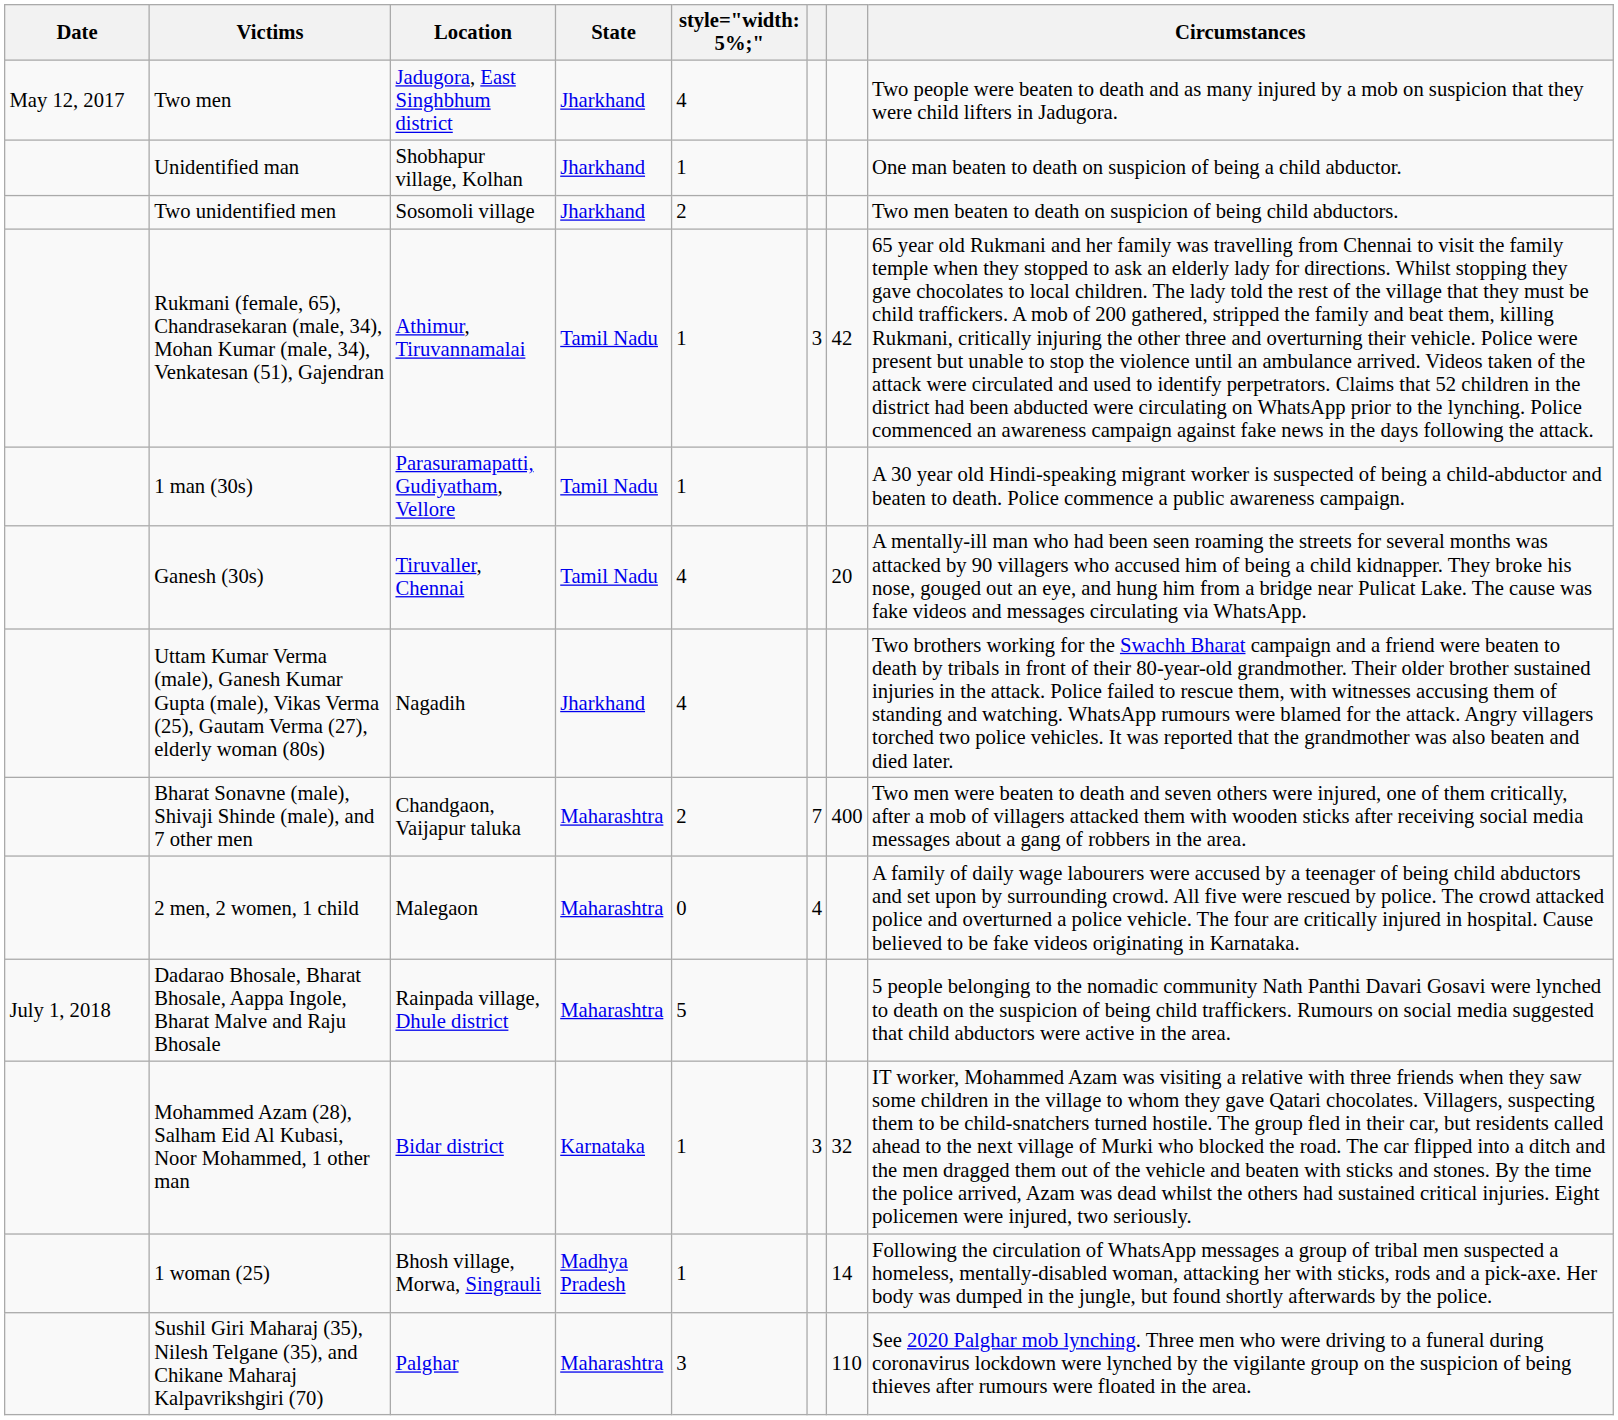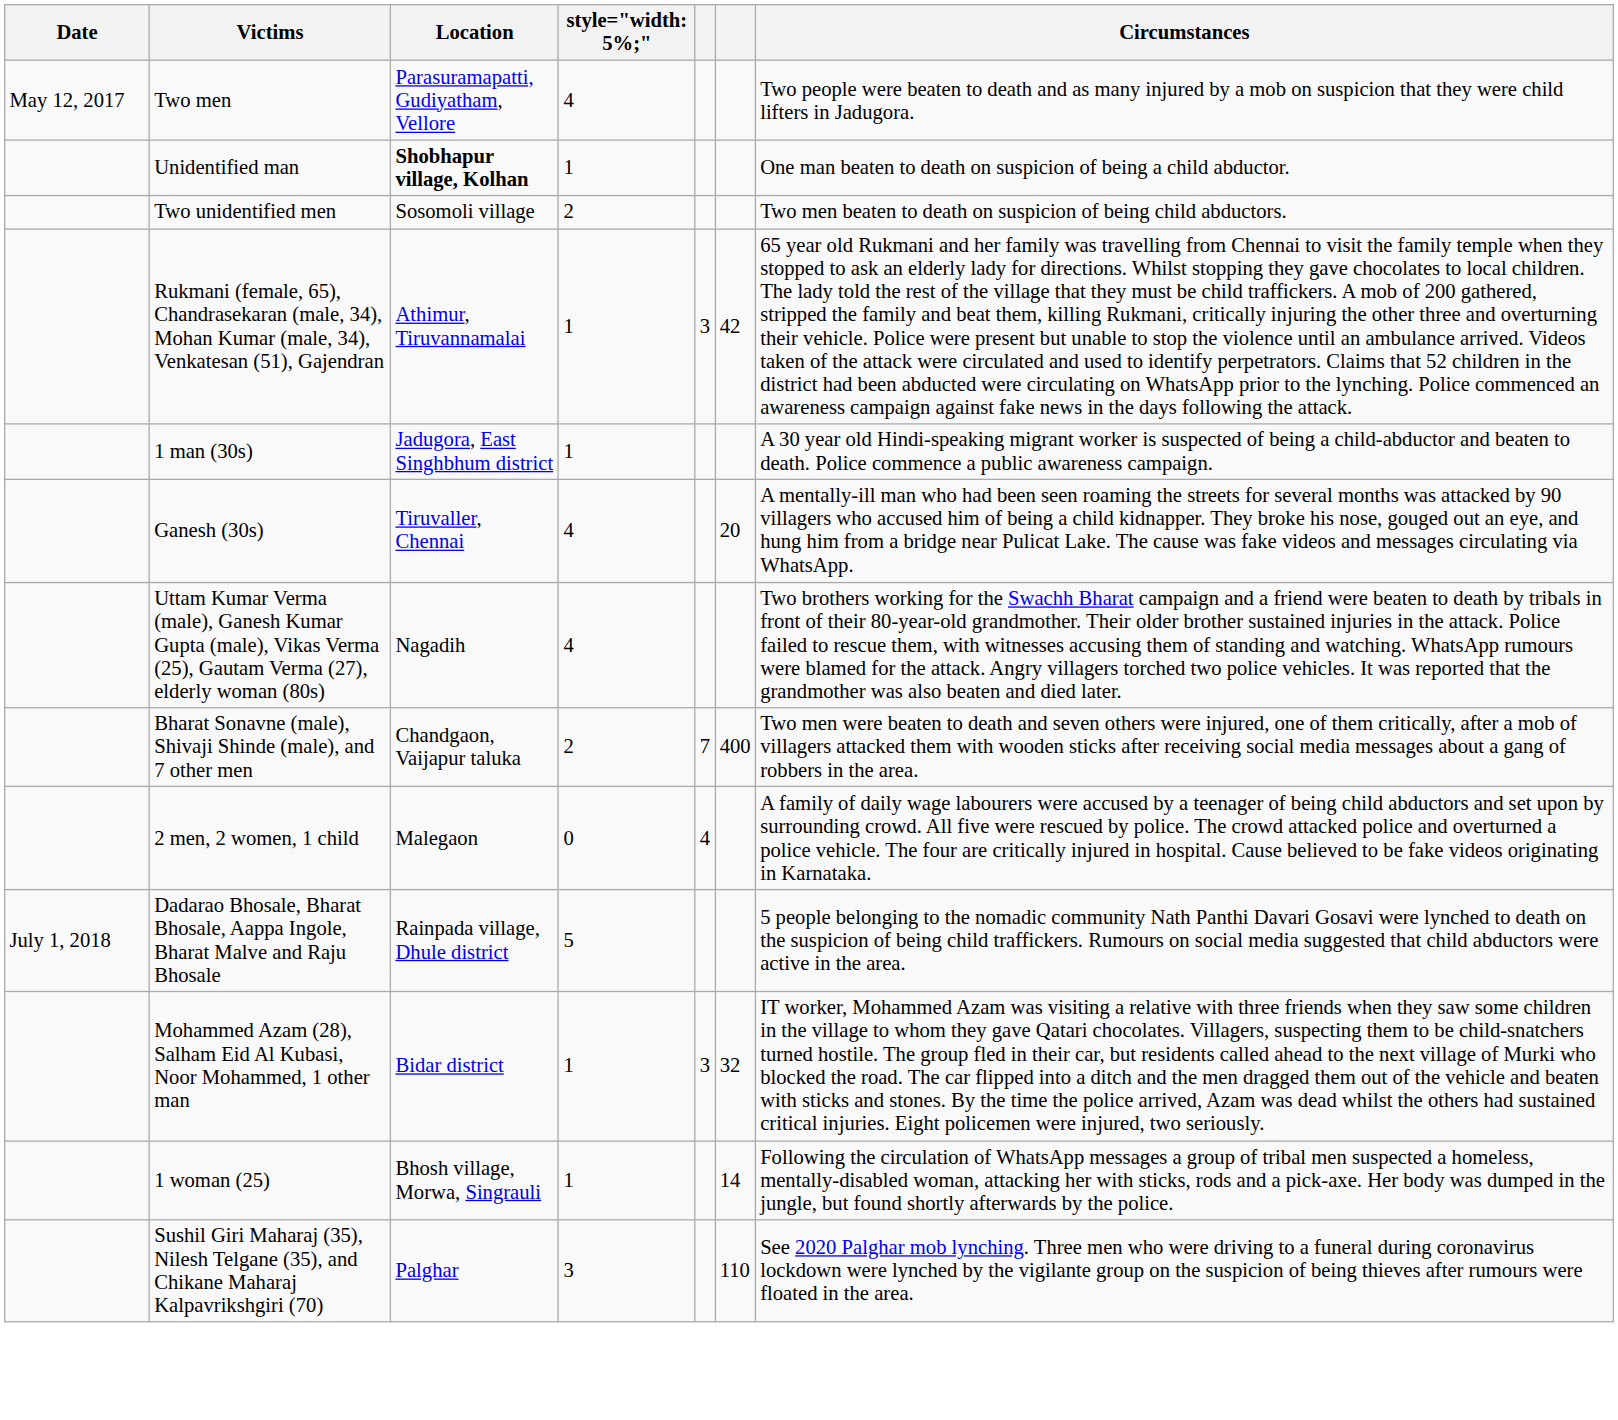 <table class="wikitable sortable">
 <tr>
 <th style="width: 9%;">Date</th>
 <th style="width: 15%;">Victims</th>
 <th>Location</th>
-<th>State</th>
 <th>style="width: 5%;" </th>
 <th></th>
 <th></th>
 <th>Circumstances</th>
 </tr>
 <tr>
 <td>May 12, 2017</td>
 <td>Two men</td>
-<td><a href='#'>Jadugora</a>, <a href='#'>East Singhbhum district</a></td>
-<td><a href='#'>Jharkhand</a></td>
+<td><a href='#'>Parasuramapatti, Gudiyatham</a>, <a href='#'>Vellore</a></td>
 <td>4</td>
 <td></td>
 <td></td>
 <td>Two people were beaten to death and as many injured by a mob on suspicion that they were child lifters in Jadugora.</td>
 </tr>
 <tr>
 <td></td>
 <td>Unidentified man</td>
-<td>Shobhapur village, Kolhan</td>
-<td><a href='#'>Jharkhand</a></td>
+<td><strong>Shobhapur village, Kolhan</strong></td>
 <td>1</td>
 <td></td>
 <td></td>
 <td>One man beaten to death on suspicion of being a child abductor.</td>
 </tr>
 <tr>
 <td></td>
 <td>Two unidentified men</td>
 <td>Sosomoli village</td>
-<td><a href='#'>Jharkhand</a></td>
 <td>2</td>
 <td></td>
 <td></td>
 <td>Two men beaten to death on suspicion of being child abductors.</td>
 </tr>
 <tr>
 <td></td>
 <td>Rukmani (female, 65), Chandrasekaran (male, 34), Mohan Kumar (male, 34), Venkatesan (51), Gajendran</td>
 <td><a href='#'>Athimur</a>, <a href='#'>Tiruvannamalai</a></td>
-<td><a href='#'>Tamil Nadu</a></td>
 <td>1</td>
 <td>3</td>
 <td>42</td>
 <td>65 year old Rukmani and her family was travelling from Chennai to visit the family temple when they stopped to ask an elderly lady for directions. Whilst stopping they gave chocolates to local children. The lady told the rest of the village that they must be child traffickers. A mob of 200 gathered, stripped the family and beat them, killing Rukmani, critically injuring the other three and overturning their vehicle. Police were present but unable to stop the violence until an ambulance arrived. Videos taken of the attack were circulated and used to identify perpetrators. Claims that 52 children in the district had been abducted were circulating on WhatsApp prior to the lynching. Police commenced an awareness campaign against fake news in the days following the attack.</td>
 </tr>
 <tr>
 <td></td>
 <td>1 man (30s)</td>
-<td><a href='#'>Parasuramapatti, Gudiyatham</a>, <a href='#'>Vellore</a></td>
-<td><a href='#'>Tamil Nadu</a></td>
+<td><a href='#'>Jadugora</a>, <a href='#'>East Singhbhum district</a></td>
 <td>1</td>
 <td></td>
 <td></td>
 <td>A 30 year old Hindi-speaking migrant worker is suspected of being a child-abductor and beaten to death. Police commence a public awareness campaign.</td>
 </tr>
 <tr>
 <td></td>
 <td>Ganesh (30s)</td>
 <td><a href='#'>Tiruvaller</a>, <a href='#'>Chennai</a></td>
-<td><a href='#'>Tamil Nadu</a></td>
 <td>4</td>
 <td></td>
 <td>20</td>
 <td>A mentally-ill man who had been seen roaming the streets for several months was attacked by 90 villagers who accused him of being a child kidnapper. They broke his nose, gouged out an eye, and hung him from a bridge near Pulicat Lake. The cause was fake videos and messages circulating via WhatsApp.</td>
 </tr>
 <tr>
 <td></td>
 <td>Uttam Kumar Verma (male), Ganesh Kumar Gupta (male), Vikas Verma (25), Gautam Verma (27), elderly woman (80s)</td>
 <td>Nagadih</td>
-<td><a href='#'>Jharkhand</a></td>
 <td>4</td>
 <td></td>
 <td></td>
 <td>Two brothers working for the <a href='#'>Swachh Bharat</a> campaign and a friend were beaten to death by tribals in front of their 80-year-old grandmother. Their older brother sustained injuries in the attack. Police failed to rescue them, with witnesses accusing them of standing and watching. WhatsApp rumours were blamed for the attack. Angry villagers torched two police vehicles. It was reported that the grandmother was also beaten and died later.</td>
 </tr>
 <tr>
 <td></td>
 <td>Bharat Sonavne (male), Shivaji Shinde (male), and 7 other men</td>
 <td>Chandgaon, Vaijapur taluka</td>
-<td><a href='#'>Maharashtra</a></td>
 <td>2</td>
 <td>7</td>
 <td>400</td>
 <td>Two men were beaten to death and seven others were injured, one of them critically, after a mob of villagers attacked them with wooden sticks after receiving social media messages about a gang of robbers in the area.</td>
 </tr>
 <tr>
 <td></td>
 <td>2 men, 2 women, 1 child</td>
 <td>Malegaon</td>
-<td><a href='#'>Maharashtra</a></td>
 <td>0</td>
 <td>4</td>
 <td></td>
 <td>A family of daily wage labourers were accused by a teenager of being child abductors and set upon by surrounding crowd. All five were rescued by police. The crowd attacked police and overturned a police vehicle. The four are critically injured in hospital. Cause believed to be fake videos originating in Karnataka.</td>
 </tr>
 <tr>
 <td>July 1, 2018</td>
 <td>Dadarao Bhosale, Bharat Bhosale, Aappa Ingole, Bharat Malve and Raju Bhosale</td>
 <td>Rainpada village, <a href='#'>Dhule district</a></td>
-<td><a href='#'>Maharashtra</a></td>
 <td>5</td>
 <td></td>
 <td></td>
 <td>5 people belonging to the nomadic community Nath Panthi Davari Gosavi were lynched to death on the suspicion of being child traffickers. Rumours on social media suggested that child abductors were active in the area.</td>
 </tr>
 <tr>
 <td></td>
 <td>Mohammed Azam (28), Salham Eid Al Kubasi, Noor Mohammed, 1 other man</td>
 <td><a href='#'>Bidar district</a></td>
-<td><a href='#'>Karnataka</a></td>
 <td>1</td>
 <td>3</td>
 <td>32<br></td>
 <td>IT worker, Mohammed Azam was visiting a relative with three friends when they saw some children in the village to whom they gave Qatari chocolates. Villagers, suspecting them to be child-snatchers turned hostile. The group fled in their car, but residents called ahead to the next village of Murki who blocked the road. The car flipped into a ditch and the men dragged them out of the vehicle and beaten with sticks and stones. By the time the police arrived, Azam was dead whilst the others had sustained critical injuries. Eight policemen were injured, two seriously.</td>
 </tr>
 <tr>
 <td></td>
 <td>1 woman (25)</td>
 <td>Bhosh village, Morwa, <a href='#'>Singrauli</a></td>
-<td><a href='#'>Madhya Pradesh</a></td>
 <td>1</td>
 <td></td>
 <td>14</td>
 <td>Following the circulation of WhatsApp messages a group of tribal men suspected a homeless, mentally-disabled woman, attacking her with sticks, rods and a pick-axe. Her body was dumped in the jungle, but found shortly afterwards by the police.</td>
 </tr>
 <tr>
 <td></td>
 <td>Sushil Giri Maharaj (35), Nilesh Telgane (35), and Chikane Maharaj Kalpavrikshgiri (70)</td>
 <td><a href='#'>Palghar</a></td>
-<td><a href='#'>Maharashtra</a></td>
 <td>3</td>
 <td></td>
 <td>110</td>
 <td>See <a href='#'>2020 Palghar mob lynching</a>. Three men who were driving to a funeral during coronavirus lockdown were lynched by the vigilante group on the suspicion of being thieves after rumours were floated in the area.</td>
 </tr>
 </table>
